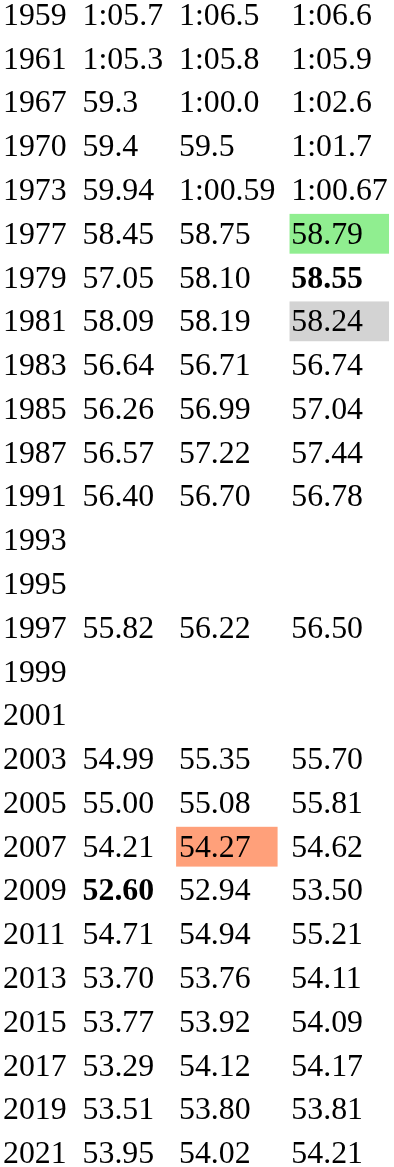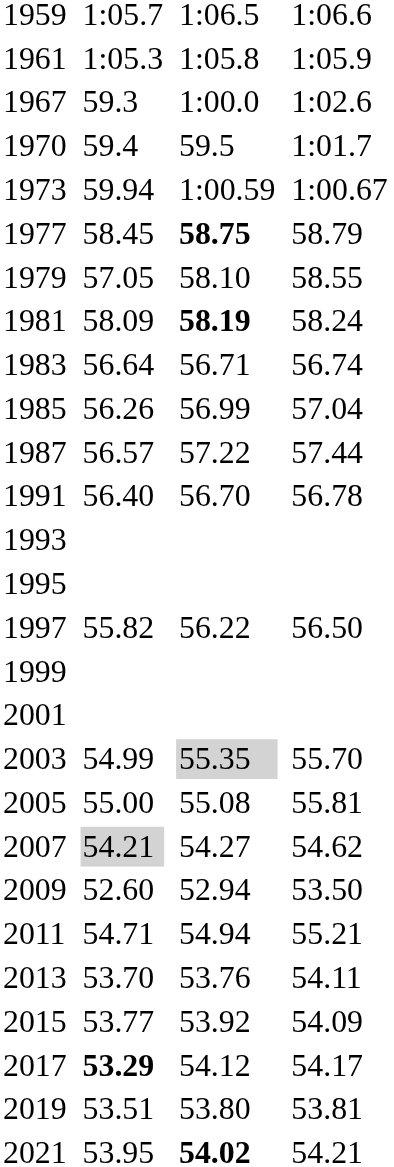 <table>
 <tr>
 <td>1959</td>
 <td></td>
 <td>1:05.7</td>
 <td></td>
 <td>1:06.5</td>
 <td></td>
 <td>1:06.6</td>
 </tr>
 <tr>
 <td>1961</td>
 <td></td>
 <td>1:05.3</td>
 <td></td>
 <td>1:05.8</td>
 <td></td>
 <td>1:05.9</td>
 </tr>
 <tr>
 <td>1967</td>
 <td></td>
 <td>59.3</td>
 <td></td>
 <td>1:00.0</td>
 <td></td>
 <td>1:02.6</td>
 </tr>
 <tr>
 <td>1970</td>
 <td></td>
 <td>59.4</td>
 <td></td>
 <td>59.5</td>
 <td></td>
 <td>1:01.7</td>
 </tr>
 <tr>
 <td>1973</td>
 <td></td>
 <td>59.94</td>
 <td></td>
 <td>1:00.59</td>
 <td></td>
 <td>1:00.67</td>
 </tr>
 <tr>
 <td>1977</td>
 <td></td>
 <td>58.45</td>
 <td></td>
-<td>58.75</td>
+<td><strong>58.75</strong></td>
 <td></td>
-<td style="background: lightgreen;">58.79</td>
+<td>58.79</td>
 </tr>
 <tr>
 <td>1979</td>
 <td></td>
 <td>57.05</td>
 <td></td>
 <td>58.10</td>
 <td></td>
-<td><strong>58.55</strong></td>
+<td>58.55</td>
 </tr>
 <tr>
 <td>1981</td>
 <td></td>
 <td>58.09</td>
 <td></td>
-<td>58.19</td>
+<td><strong>58.19</strong></td>
 <td></td>
-<td style="background: lightgrey;">58.24</td>
+<td>58.24</td>
 </tr>
 <tr>
 <td>1983</td>
 <td></td>
 <td>56.64</td>
 <td></td>
 <td>56.71</td>
 <td></td>
 <td>56.74</td>
 </tr>
 <tr>
 <td>1985</td>
 <td></td>
 <td>56.26</td>
 <td></td>
 <td>56.99</td>
 <td></td>
 <td>57.04</td>
 </tr>
 <tr>
 <td>1987</td>
 <td></td>
 <td>56.57</td>
 <td></td>
 <td>57.22</td>
 <td></td>
 <td>57.44</td>
 </tr>
 <tr>
 <td>1991</td>
 <td></td>
 <td>56.40</td>
 <td></td>
 <td>56.70</td>
 <td></td>
 <td>56.78</td>
 </tr>
 <tr>
 <td>1993</td>
 <td></td>
 <td></td>
 <td></td>
 <td></td>
 <td></td>
 <td></td>
 </tr>
 <tr>
 <td>1995</td>
 <td></td>
 <td></td>
 <td></td>
 <td></td>
 <td></td>
 <td></td>
 </tr>
 <tr>
 <td>1997</td>
 <td></td>
 <td>55.82</td>
 <td></td>
 <td>56.22</td>
 <td></td>
 <td>56.50</td>
 </tr>
 <tr>
 <td>1999</td>
 <td></td>
 <td></td>
 <td></td>
 <td></td>
 <td></td>
 <td></td>
 </tr>
 <tr>
 <td>2001</td>
 <td></td>
 <td></td>
 <td></td>
 <td></td>
 <td></td>
 <td></td>
 </tr>
 <tr>
 <td>2003</td>
 <td></td>
 <td>54.99</td>
 <td></td>
-<td>55.35</td>
+<td style="background: lightgrey;">55.35</td>
 <td></td>
 <td>55.70</td>
 </tr>
 <tr>
 <td>2005</td>
 <td></td>
 <td>55.00</td>
 <td></td>
 <td>55.08</td>
 <td></td>
 <td>55.81</td>
 </tr>
 <tr>
 <td>2007</td>
 <td></td>
-<td>54.21</td>
+<td style="background: lightgrey;">54.21</td>
 <td></td>
-<td style="background: lightsalmon;">54.27</td>
+<td>54.27</td>
 <td></td>
 <td>54.62</td>
 </tr>
 <tr>
 <td>2009</td>
 <td></td>
-<td><strong>52.60</strong></td>
+<td>52.60</td>
 <td></td>
 <td>52.94</td>
 <td></td>
 <td>53.50</td>
 </tr>
 <tr>
 <td>2011</td>
 <td></td>
 <td>54.71</td>
 <td></td>
 <td>54.94</td>
 <td><br></td>
 <td>55.21</td>
 </tr>
 <tr>
 <td>2013</td>
 <td></td>
 <td>53.70</td>
 <td></td>
 <td>53.76</td>
 <td></td>
 <td>54.11</td>
 </tr>
 <tr>
 <td>2015</td>
 <td></td>
 <td>53.77</td>
 <td></td>
 <td>53.92</td>
 <td></td>
 <td>54.09</td>
 </tr>
 <tr>
 <td>2017</td>
 <td></td>
-<td>53.29</td>
+<td><strong>53.29</strong></td>
 <td></td>
 <td>54.12</td>
 <td></td>
 <td>54.17</td>
 </tr>
 <tr>
 <td>2019</td>
 <td></td>
 <td>53.51</td>
 <td></td>
 <td>53.80</td>
 <td></td>
 <td>53.81</td>
 </tr>
 <tr>
 <td>2021</td>
 <td></td>
 <td>53.95</td>
 <td></td>
-<td>54.02</td>
+<td><strong>54.02</strong></td>
 <td></td>
 <td>54.21</td>
 </tr>
 </table>
